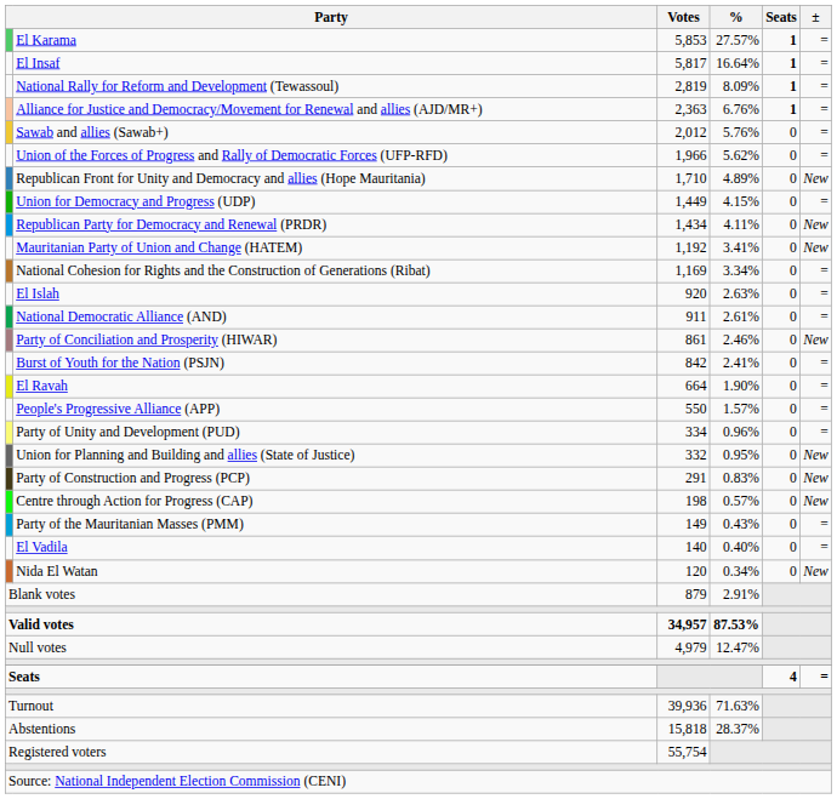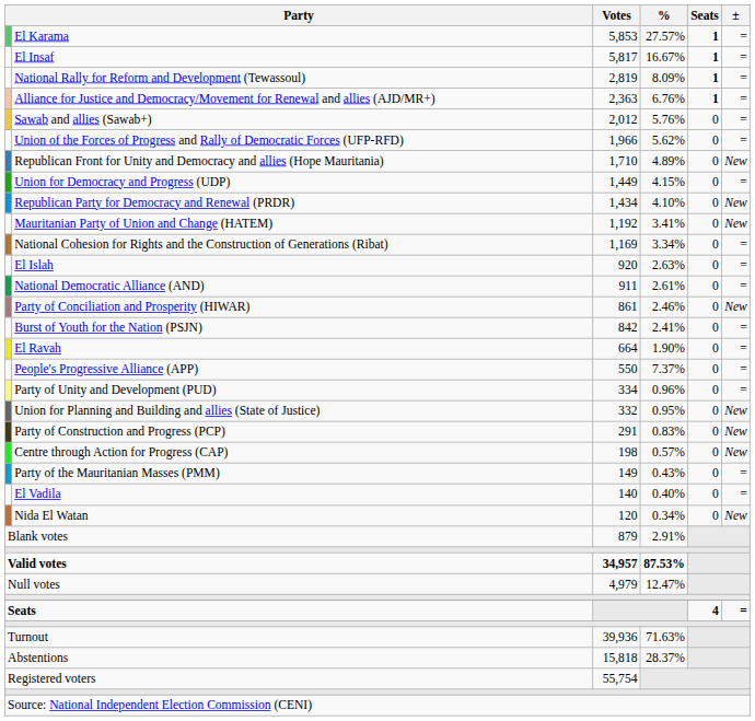 <table class="wikitable" style="text-align:right;font-size:95%;">
 <tr>
 <th width="700" colspan="2">Party</th>
 <th width="50">Votes</th>
 <th width="50">%</th>
 <th width="25">Seats</th>
 <th width="20">±</th>
 </tr>
 <tr>
 <td width="1" style="color:inherit;background:#4FCB68;"></td>
 <td style="text-align:left;"><a href='#'>El Karama</a></td>
 <td>5,853</td>
 <td>27.57%</td>
 <td><strong>1</strong></td>
 <td>=</td>
 </tr>
 <tr>
 <td width="1" style="color:inherit;background:"></td>
 <td style="text-align:left;"><a href='#'>El Insaf</a></td>
 <td>5,817</td>
-<td>16.64%</td>
+<td>16.67%</td>
 <td><strong>1</strong></td>
 <td>=</td>
 </tr>
 <tr>
 <td width="1" style="color:inherit;background:"></td>
 <td style="text-align:left;"><a href='#'>National Rally for Reform and Development</a> (Tewassoul)</td>
 <td>2,819</td>
 <td>8.09%</td>
 <td><strong>1</strong></td>
 <td>=</td>
 </tr>
 <tr>
 <td width="1" style="color:inherit;background:#F8C3A0;"></td>
 <td style="text-align:left;"><a href='#'>Alliance for Justice and Democracy/Movement for Renewal</a> and <a href='#'>allies</a> (AJD/MR+)</td>
 <td>2,363</td>
 <td>6.76%</td>
 <td><strong>1</strong></td>
 <td>=</td>
 </tr>
 <tr>
 <td width="1" style="color:inherit;background:#F0C832;"></td>
 <td style="text-align:left;"><a href='#'>Sawab</a> and <a href='#'>allies</a> (Sawab+)</td>
 <td>2,012</td>
 <td>5.76%</td>
 <td>0</td>
 <td>=</td>
 </tr>
 <tr>
 <td width="1" style="color:inherit;background:"></td>
 <td style="text-align:left;"><a href='#'>Union of the Forces of Progress</a> and <a href='#'>Rally of Democratic Forces</a> (UFP-RFD)</td>
 <td>1,966</td>
 <td>5.62%</td>
 <td>0</td>
 <td>=</td>
 </tr>
 <tr>
 <td width="1" style="color:inherit;background:#3080B7;"></td>
 <td style="text-align:left;">Republican Front for Unity and Democracy and <a href='#'>allies</a> (Hope Mauritania)</td>
 <td>1,710</td>
 <td>4.89%</td>
 <td>0</td>
 <td><em>New</em></td>
 </tr>
 <tr>
 <td width="1" style="color:inherit;background:#0FAF05;"></td>
 <td style="text-align:left;"><a href='#'>Union for Democracy and Progress</a> (UDP)</td>
 <td>1,449</td>
 <td>4.15%</td>
 <td>0</td>
 <td>=</td>
 </tr>
 <tr>
 <td width="1" style="color:inherit;background:#0198E2;"></td>
 <td style="text-align:left;"><a href='#'>Republican Party for Democracy and Renewal</a> (PRDR)</td>
 <td>1,434</td>
-<td>4.11%</td>
+<td>4.10%</td>
 <td>0</td>
 <td><em>New</em></td>
 </tr>
 <tr>
 <td width="1" style="color:inherit;background:"></td>
 <td style="text-align:left;"><a href='#'>Mauritanian Party of Union and Change</a> (HATEM)</td>
 <td>1,192</td>
 <td>3.41%</td>
 <td>0</td>
 <td><em>New</em></td>
 </tr>
 <tr>
 <td width="1" style="color:inherit;background:#B7752C;"></td>
 <td style="text-align:left;">National Cohesion for Rights and the Construction of Generations (Ribat)</td>
 <td>1,169</td>
 <td>3.34%</td>
 <td>0</td>
 <td>=</td>
 </tr>
 <tr>
 <td width="1" style="color:inherit;background:"></td>
 <td style="text-align:left;"><a href='#'>El Islah</a></td>
 <td>920</td>
 <td>2.63%</td>
 <td>0</td>
 <td>=</td>
 </tr>
 <tr>
 <td width="1" style="color:inherit;background:#0AA450;"></td>
 <td style="text-align:left;"><a href='#'>National Democratic Alliance</a> (AND)</td>
 <td>911</td>
 <td>2.61%</td>
 <td>0</td>
 <td>=</td>
 </tr>
 <tr>
 <td width="1" style="color:inherit;background:#A47A7E;"></td>
 <td style="text-align:left;"><a href='#'>Party of Conciliation and Prosperity</a> (HIWAR)</td>
 <td>861</td>
 <td>2.46%</td>
 <td>0</td>
 <td><em>New</em></td>
 </tr>
 <tr>
 <td width="1" style="color:inherit;background:"></td>
 <td style="text-align:left;"><a href='#'>Burst of Youth for the Nation</a> (PSJN)</td>
 <td>842</td>
 <td>2.41%</td>
 <td>0</td>
 <td>=</td>
 </tr>
 <tr>
 <td width="1" style="color:inherit;background:#E7EB16;"></td>
 <td style="text-align:left;"><a href='#'>El Ravah</a></td>
 <td>664</td>
 <td>1.90%</td>
 <td>0</td>
 <td>=</td>
 </tr>
 <tr>
 <td width="1" style="color:inherit;background:"></td>
 <td style="text-align:left;"><a href='#'>People's Progressive Alliance</a> (APP)</td>
 <td>550</td>
-<td>1.57%</td>
+<td>7.37%</td>
 <td>0</td>
 <td>=</td>
 </tr>
 <tr>
 <td width="1" style="color:inherit;background:#FAFA75;"></td>
 <td style="text-align:left;">Party of Unity and Development (PUD)</td>
 <td>334</td>
 <td>0.96%</td>
 <td>0</td>
 <td>=</td>
 </tr>
 <tr>
 <td width="1" style="color:inherit;background:#666666;"></td>
 <td style="text-align:left;">Union for Planning and Building and <a href='#'>allies</a> (State of Justice)</td>
 <td>332</td>
 <td>0.95%</td>
 <td>0</td>
 <td><em>New</em></td>
 </tr>
 <tr>
 <td width="1" style="color:inherit;background:#433A16;"></td>
 <td style="text-align:left;">Party of Construction and Progress (PCP)</td>
 <td>291</td>
 <td>0.83%</td>
 <td>0</td>
 <td><em>New</em></td>
 </tr>
 <tr>
 <td width="1" style="color:inherit;background:#0EF70E;"></td>
 <td style="text-align:left;">Centre through Action for Progress (CAP)</td>
 <td>198</td>
 <td>0.57%</td>
 <td>0</td>
 <td><em>New</em></td>
 </tr>
 <tr>
 <td width="1" style="color:inherit;background:#00A1D7;"></td>
 <td style="text-align:left;">Party of the Mauritanian Masses (PMM)</td>
 <td>149</td>
 <td>0.43%</td>
 <td>0</td>
 <td>=</td>
 </tr>
 <tr>
 <td width="1" style="color:inherit;background:"></td>
 <td style="text-align:left;"><a href='#'>El Vadila</a></td>
 <td>140</td>
 <td>0.40%</td>
 <td>0</td>
 <td>=</td>
 </tr>
 <tr>
 <td width="1" style="color:inherit;background:#C96A2F;"></td>
 <td style="text-align:left;">Nida El Watan</td>
 <td>120</td>
 <td>0.34%</td>
 <td>0</td>
 <td><em>New</em></td>
 </tr>
 <tr>
 <td colspan="2" style="text-align:left;">Blank votes</td>
 <td>879</td>
 <td>2.91%</td>
 <td colspan="2" style="background:#E9E9E9;"></td>
 </tr>
 <tr>
 <td colspan="6" style="background:#E9E9E9;"></td>
 </tr>
 <tr style="font-weight:bold;">
 <td colspan="2" style="text-align:left;">Valid votes</td>
 <td>34,957</td>
 <td>87.53%</td>
 <td colspan="2" style="background:#E9E9E9;"></td>
 </tr>
 <tr>
 <td colspan="2" style="text-align:left;">Null votes</td>
 <td>4,979</td>
 <td>12.47%</td>
 <td colspan="2" style="background:#E9E9E9;"></td>
 </tr>
 <tr>
 <td colspan="6" style="background:#E9E9E9;"></td>
 </tr>
 <tr>
 </tr>
 <tr style="font-weight:bold;">
 <td colspan="2" style="text-align:left;">Seats</td>
 <td colspan="2" style="background:#E9E9E9;"></td>
 <td>4</td>
 <td>=</td>
 </tr>
 <tr>
 <td colspan="6" style="background:#E9E9E9;"></td>
 </tr>
 <tr>
 <td colspan="2" style="text-align:left;">Turnout</td>
 <td>39,936</td>
 <td>71.63%</td>
 <td colspan="2" style="background:#E9E9E9;"></td>
 </tr>
 <tr>
 <td colspan="2" style="text-align:left;">Abstentions</td>
 <td>15,818</td>
 <td>28.37%</td>
 <td colspan="2" style="background:#E9E9E9;"></td>
 </tr>
 <tr>
 <td colspan="2" style="text-align:left;">Registered voters</td>
 <td>55,754</td>
 <td colspan="3" style="background:#E9E9E9;"></td>
 </tr>
 <tr>
 <td colspan="6" style="background:#E9E9E9;"></td>
 </tr>
 <tr>
 <td colspan="6" style="text-align:left;">Source: <a href='#'>National Independent Election Commission</a> (CENI)</td>
 </tr>
 </table>
